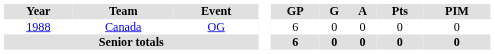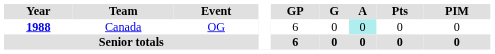 <table border="0" cellpadding="1" cellspacing="0" style="text-align:center; width:40em">
 <tr ALIGN="center" bgcolor="#e0e0e0">
 <th>Year</th>
 <th>Team</th>
 <th>Event</th>
 <th rowspan="99" bgcolor="#ffffff"> </th>
 <th>GP</th>
 <th>G</th>
 <th>A</th>
 <th>Pts</th>
 <th>PIM</th>
 </tr>
 <tr>
-<td><a href='#'>1988</a></td>
+<td><strong><a href='#'>1988</a></strong></td>
 <td><a href='#'>Canada</a></td>
 <td><a href='#'>OG</a></td>
 <td>6</td>
 <td>0</td>
-<td>0</td>
+<td style="background: paleturquoise;">0</td>
 <td>0</td>
 <td>0</td>
 </tr>
 <tr bgcolor="#e0e0e0">
 <th colspan="3">Senior totals</th>
 <th>6</th>
 <th>0</th>
 <th>0</th>
 <th>0</th>
 <th>0</th>
 </tr>
 </table>
